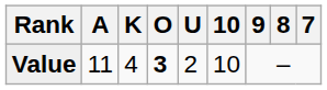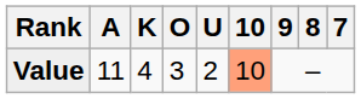 <table class="wikitable" align="right">
 <tr>
 <th>Rank</th>
 <th>A</th>
 <th>K</th>
 <th>O</th>
 <th>U</th>
 <th>10</th>
 <th>9</th>
 <th>8</th>
 <th>7</th>
 </tr>
 <tr>
 <td style="background:#efefef;"><strong>Value</strong></td>
 <td>11</td>
 <td>4</td>
-<td><strong>3</strong></td>
+<td>3</td>
 <td>2</td>
-<td>10</td>
+<td style="background: lightsalmon;">10</td>
 <td colspan=3 align=center>–</td>
 </tr>
 </table>
